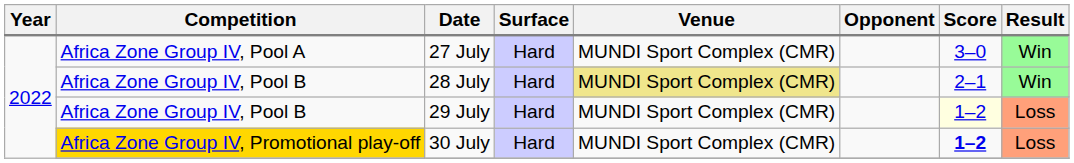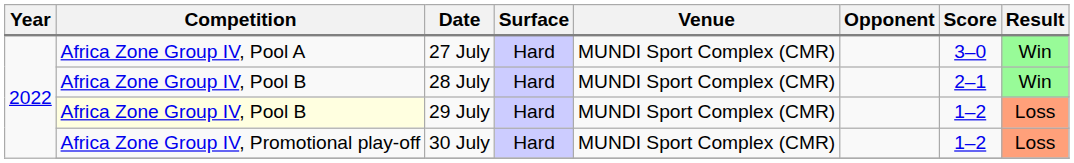 <table class="wikitable sortable">
 <tr>
 <th scope="col">Year</th>
 <th scope="col">Competition</th>
 <th scope="col">Date</th>
 <th scope="col">Surface</th>
 <th scope="col">Venue</th>
 <th scope="col">Opponent</th>
 <th scope="col">Score</th>
 <th scope="col">Result</th>
 </tr>
 <tr style="border-top:2px solid gray;">
 <td align="center" rowspan="5"><a href='#'>2022</a></td>
 <td><a href='#'>Africa Zone Group IV</a>, Pool A</td>
 <td>27 July</td>
 <td align="center" bgcolor=ccccff>Hard</td>
 <td>MUNDI Sport Complex (CMR)</td>
 <td></td>
 <td align="center"><a href='#'>3–0</a></td>
 <td align="center" bgcolor="#98FB98">Win</td>
 </tr>
 <tr>
 <td><a href='#'>Africa Zone Group IV</a>, Pool B</td>
 <td>28 July</td>
 <td align="center" bgcolor=ccccff>Hard</td>
-<td style="background: khaki;">MUNDI Sport Complex (CMR)</td>
+<td>MUNDI Sport Complex (CMR)</td>
 <td></td>
 <td align="center"><a href='#'>2–1</a></td>
 <td align="center" bgcolor="#98FB98">Win</td>
 </tr>
 <tr>
-<td><a href='#'>Africa Zone Group IV</a>, Pool B</td>
+<td style="background: lightyellow;"><a href='#'>Africa Zone Group IV</a>, Pool B</td>
 <td>29 July</td>
 <td align="center" bgcolor=ccccff>Hard</td>
 <td>MUNDI Sport Complex (CMR)</td>
 <td></td>
-<td align="center" style="background: lightyellow;"><a href='#'>1–2</a></td>
+<td align="center"><a href='#'>1–2</a></td>
 <td align="center" bgcolor="#FFA07A">Loss</td>
 </tr>
 <tr>
-<td style="background: gold;"><a href='#'>Africa Zone Group IV</a>, Promotional play-off</td>
+<td><a href='#'>Africa Zone Group IV</a>, Promotional play-off</td>
 <td>30 July</td>
 <td align="center" bgcolor=ccccff>Hard</td>
 <td>MUNDI Sport Complex (CMR)</td>
 <td></td>
-<td align="center"><strong><a href='#'>1–2</a></strong></td>
+<td align="center"><a href='#'>1–2</a></td>
 <td align="center" bgcolor="#FFA07A">Loss</td>
 </tr>
 <tr>
 </tr>
 </table>
